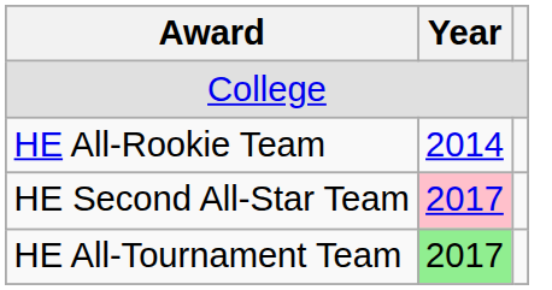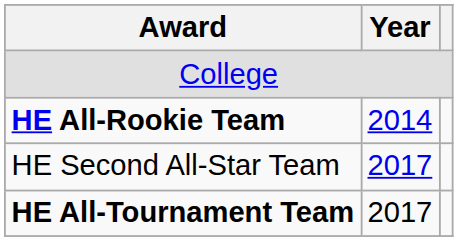 <table class="wikitable">
 <tr>
 <th>Award</th>
 <th>Year</th>
 <th></th>
 </tr>
 <tr ALIGN="center" bgcolor="#e0e0e0">
 <td colspan="3"><a href='#'>College</a></td>
 </tr>
 <tr>
-<td><a href='#'>HE</a> All-Rookie Team</td>
+<td><strong><a href='#'>HE</a> All-Rookie Team</strong></td>
 <td><a href='#'>2014</a></td>
 <td></td>
 </tr>
 <tr>
 <td>HE Second All-Star Team</td>
-<td style="background: pink;"><a href='#'>2017</a></td>
+<td><a href='#'>2017</a></td>
 <td></td>
 </tr>
 <tr>
-<td>HE All-Tournament Team</td>
-<td style="background: lightgreen;">2017</td>
+<td><strong>HE All-Tournament Team</strong></td>
+<td>2017</td>
 <td></td>
 </tr>
 </table>
